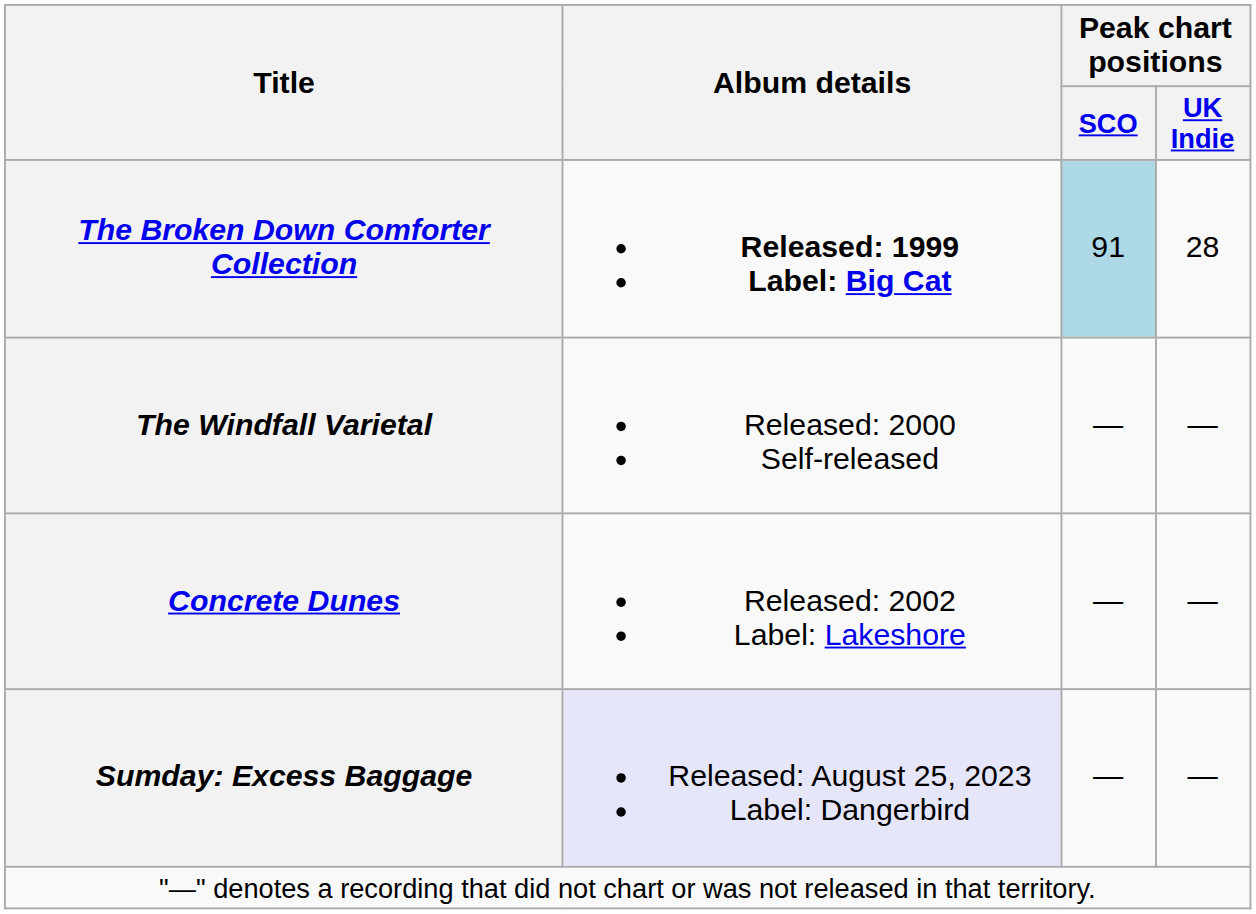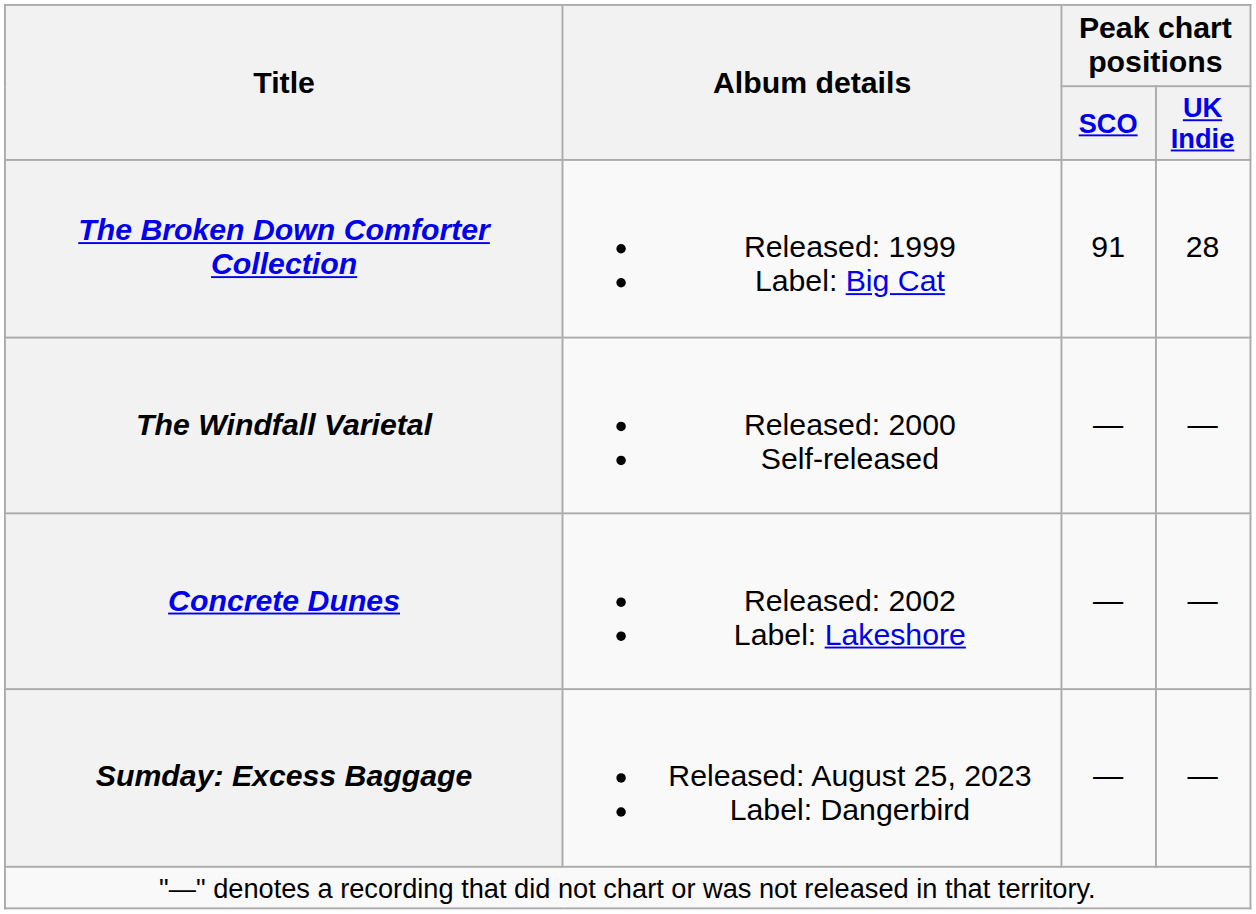 <table class="wikitable plainrowheaders" style="text-align:center;">
 <tr>
 <th scope="col" rowspan="2" style="width:18em;">Title</th>
 <th scope="col" rowspan="2" style="width:16em;">Album details</th>
 <th colspan="2" scope="col">Peak chart positions</th>
 </tr>
 <tr>
 <th scope="col" style="width:3em;font-size:90%;"><a href='#'>SCO</a><br></th>
 <th scope="col" style="width:3em;font-size:90%;"><a href='#'>UK<br>Indie</a><br></th>
 </tr>
 <tr>
 <th scope="row"><em><a href='#'>The Broken Down Comforter Collection</a></em></th>
-<td><strong><br><ul><li>Released: 1999</li><li>Label: <a href='#'>Big Cat</a></li></ul></strong></td>
-<td style="background: lightblue;">91</td>
+<td><br><ul><li>Released: 1999</li><li>Label: <a href='#'>Big Cat</a></li></ul></td>
+<td>91</td>
 <td>28</td>
 </tr>
 <tr>
 <th scope="row"><em>The Windfall Varietal</em></th>
 <td><br><ul><li>Released: 2000</li><li>Self-released</li></ul></td>
 <td>—</td>
 <td>—</td>
 </tr>
 <tr>
 <th scope="row"><em><a href='#'>Concrete Dunes</a></em></th>
 <td><br><ul><li>Released: 2002</li><li>Label: <a href='#'>Lakeshore</a></li></ul></td>
 <td>—</td>
 <td>—</td>
 </tr>
 <tr>
 <th scope="row"><em>Sumday: Excess Baggage</em></th>
-<td style="background: lavender;"><br><ul><li>Released: August 25, 2023</li><li>Label: Dangerbird</li></ul></td>
+<td><br><ul><li>Released: August 25, 2023</li><li>Label: Dangerbird</li></ul></td>
 <td>—</td>
 <td>—</td>
 </tr>
 <tr>
 <td colspan="13" style="font-size:90%">"—" denotes a recording that did not chart or was not released in that territory.</td>
 </tr>
 </table>
